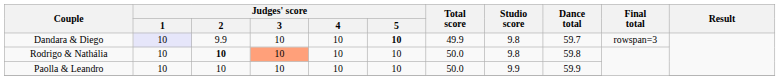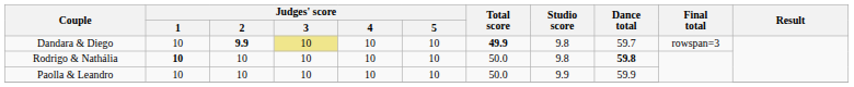 <table class="wikitable" style="font-size:100%; line-height:16px; text-align:center" width="100%">
 <tr>
 <th rowspan=2 width="11.0%">Couple</th>
 <th colspan=5 width="25.0%">Judges' score</th>
 <th rowspan=2 width="05.0%">Total<br>score</th>
 <th rowspan=2 width="05.0%">Studio<br>score</th>
 <th rowspan=2 width="05.0%">Dance<br>total</th>
 <th rowspan=2 width="05.0%">Final<br>total</th>
 <th rowspan=2 width="09.0%">Result</th>
 </tr>
 <tr>
 <th width="05.0%">1</th>
 <th width="05.0%">2</th>
 <th width="05.0%">3</th>
 <th width="05.0%">4</th>
 <th width="05.0%">5</th>
 </tr>
 <tr>
 <td>Dandara & Diego</td>
-<td style="background: lavender;">10</td>
-<td>9.9</td>
+<td>10</td>
+<td><strong>9.9</strong></td>
+<td style="background: khaki;">10</td>
 <td>10</td>
 <td>10</td>
-<td><strong>10</strong></td>
-<td>49.9</td>
+<td><strong>49.9</strong></td>
 <td>9.8</td>
 <td>59.7</td>
 <td>rowspan=3 </td>
 <td rowspan=3></td>
 </tr>
 <tr>
 <td>Rodrigo & Nathália</td>
+<td><strong>10</strong></td>
 <td>10</td>
-<td><strong>10</strong></td>
-<td style="background: lightsalmon;">10</td>
+<td>10</td>
 <td>10</td>
 <td>10</td>
 <td>50.0</td>
 <td>9.8</td>
-<td>59.8</td>
+<td><strong>59.8</strong></td>
 </tr>
 <tr>
 <td>Paolla & Leandro</td>
 <td>10</td>
 <td>10</td>
 <td>10</td>
 <td>10</td>
 <td>10</td>
 <td>50.0</td>
 <td>9.9</td>
 <td>59.9</td>
 </tr>
 <tr>
 </tr>
 </table>
